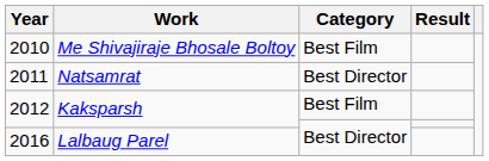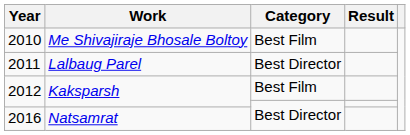 <table class="wikitable">
 <tr>
 <th>Year</th>
 <th>Work</th>
 <th>Category</th>
 <th>Result</th>
 <th></th>
 </tr>
 <tr>
 <td>2010</td>
 <td><em><a href='#'>Me Shivajiraje Bhosale Boltoy</a></em></td>
 <td>Best Film</td>
 <td></td>
 <td rowspan="5"></td>
 </tr>
 <tr>
 <td>2011</td>
-<td><em><a href='#'>Natsamrat</a></em></td>
+<td><em><a href='#'>Lalbaug Parel</a></em></td>
 <td>Best Director</td>
 <td></td>
 </tr>
 <tr>
 <td rowspan="2">2012</td>
 <td rowspan="2"><em><a href='#'>Kaksparsh</a></em></td>
 <td>Best Film</td>
 <td></td>
 </tr>
 <tr>
 <td rowspan="2">Best Director</td>
 <td></td>
 </tr>
 <tr>
 <td>2016</td>
-<td><em><a href='#'>Lalbaug Parel</a></em></td>
+<td><em><a href='#'>Natsamrat</a></em></td>
 <td></td>
 </tr>
 </table>
